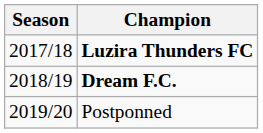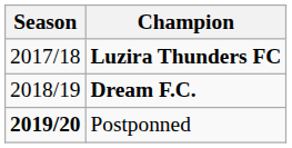 <table class="wikitable">
 <tr>
 <th>Season</th>
 <th>Champion</th>
 </tr>
 <tr>
 <td>2017/18</td>
 <td><strong>Luzira  Thunders FC</strong></td>
 </tr>
 <tr>
 <td>2018/19</td>
 <td><strong>Dream F.C.</strong></td>
 </tr>
 <tr>
-<td>2019/20</td>
+<td><strong>2019/20</strong></td>
 <td>Postponned</td>
 </tr>
 </table>
